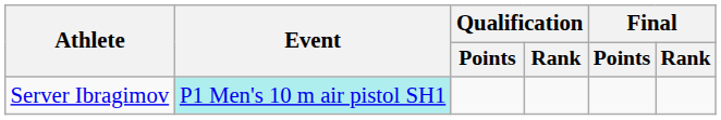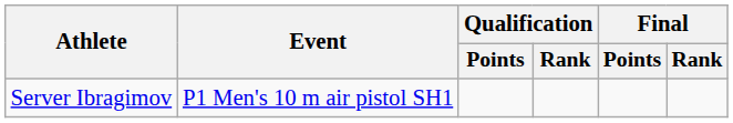 <table class="wikitable" style="font-size:90%">
 <tr>
 <th rowspan="2">Athlete</th>
 <th rowspan="2">Event</th>
 <th colspan="2">Qualification</th>
 <th colspan="2">Final</th>
 </tr>
 <tr style="font-size:95%">
 <th>Points</th>
 <th>Rank</th>
 <th>Points</th>
 <th>Rank</th>
 </tr>
 <tr align=center>
 <td align=left><a href='#'>Server Ibragimov</a></td>
-<td align=left style="background: paleturquoise;"><a href='#'>P1 Men's 10 m air pistol SH1</a></td>
+<td align=left><a href='#'>P1 Men's 10 m air pistol SH1</a></td>
 <td></td>
 <td></td>
 <td></td>
 <td></td>
 </tr>
 </table>
